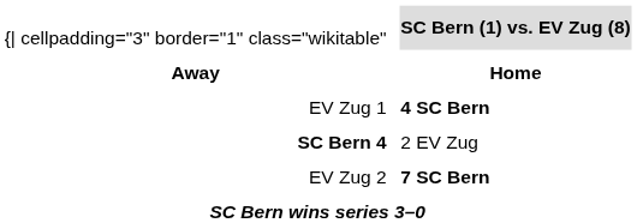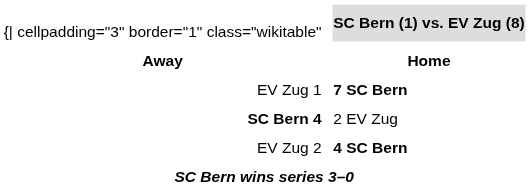 <table cellspacing="10">
 <tr>
 <td valign="top"><br>	{| cellpadding="3" border="1"  class="wikitable"</td>
 <th bgcolor="#DDDDDD" colspan="4">SC Bern (1) vs. EV Zug (8)</th>
 </tr>
 <tr>
 <th>Away</th>
 <th>Home</th>
 </tr>
 <tr>
 <td align = "right">EV Zug 1</td>
-<td><strong>4 SC Bern</strong></td>
+<td><strong>7 SC Bern</strong></td>
 </tr>
 <tr>
 <td align = "right"><strong>SC Bern 4</strong></td>
 <td>2 EV Zug</td>
 </tr>
 <tr>
 <td align = "right">EV Zug 2</td>
-<td><strong>7 SC Bern</strong></td>
+<td><strong>4 SC Bern</strong></td>
 </tr>
 <tr align="center">
 <td colspan="4"><strong><em>SC Bern wins series 3–0</em></strong></td>
 </tr>
 </table>
